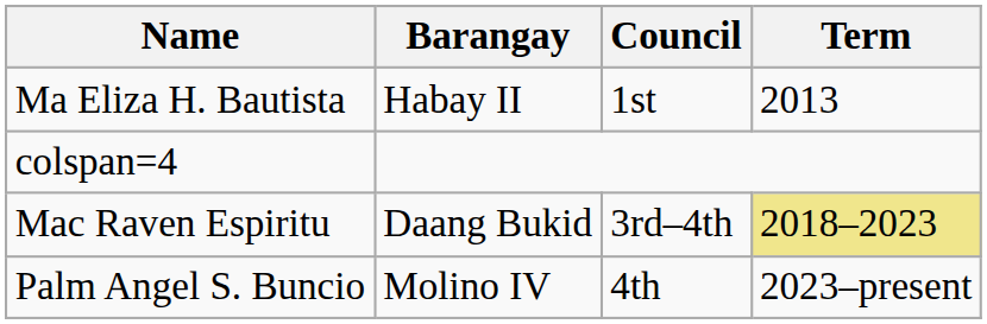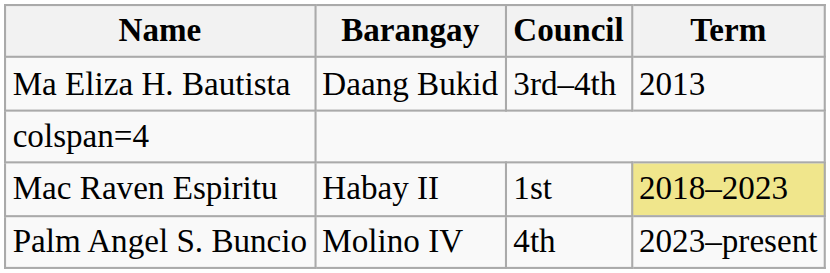 <table class=wikitable>
 <tr>
 <th>Name</th>
 <th>Barangay</th>
 <th>Council</th>
 <th>Term</th>
 </tr>
 <tr>
 <td>Ma Eliza H. Bautista</td>
-<td>Habay II</td>
-<td>1st</td>
+<td>Daang Bukid</td>
+<td>3rd–4th</td>
 <td>2013</td>
 </tr>
 <tr>
 <td>colspan=4 </td>
 </tr>
 <tr>
 <td>Mac Raven Espiritu</td>
-<td>Daang Bukid</td>
-<td>3rd–4th</td>
+<td>Habay II</td>
+<td>1st</td>
 <td style="background: khaki;">2018–2023</td>
 </tr>
 <tr>
 <td>Palm Angel S. Buncio</td>
 <td>Molino IV</td>
 <td>4th</td>
 <td>2023–present</td>
 </tr>
 </table>
